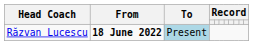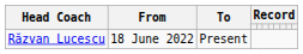 <table class="wikitable" style="text-align: left">
 <tr>
 <th rowspan=2>Head Coach</th>
 <th rowspan=2>From</th>
 <th rowspan=2>To</th>
 <th colspan=8>Record</th>
 </tr>
 <tr>
 <th></th>
 <th></th>
 <th></th>
 <th></th>
 <th></th>
 <th></th>
 <th></th>
 <th></th>
 </tr>
 <tr>
 <td> <a href='#'>Răzvan Lucescu</a></td>
-<td><strong>18 June 2022</strong></td>
-<td style="background: lightblue;">Present<br></td>
+<td>18 June 2022</td>
+<td>Present<br></td>
 </tr>
 </table>
